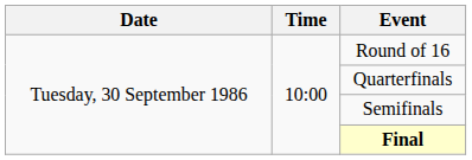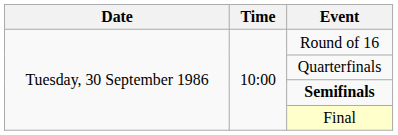 <table class = "wikitable" style="text-align:center;">
 <tr>
 <th width=220>Date</th>
 <th width=50>Time</th>
 <th width=100>Event</th>
 </tr>
 <tr>
 <td rowspan=4>Tuesday, 30 September 1986</td>
 <td rowspan=4>10:00</td>
 <td>Round of 16</td>
 </tr>
 <tr>
 <td>Quarterfinals</td>
 </tr>
 <tr>
-<td>Semifinals</td>
+<td><strong>Semifinals</strong></td>
 </tr>
 <tr>
-<td bgcolor=ffffcc><strong>Final</strong></td>
+<td bgcolor=ffffcc>Final</td>
 </tr>
 </table>
